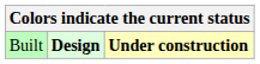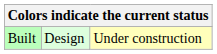 <table class="wikitable wide">
 <tr>
 <th colspan="6">Colors indicate the current status</th>
 </tr>
 <tr>
 <td bgcolor="#bbffbb">Built</td>
-<td bgcolor="#ddffdd"><strong>Design</strong></td>
-<td bgcolor="#ffffbb"><strong>Under construction</strong></td>
+<td bgcolor="#ddffdd">Design</td>
+<td bgcolor="#ffffbb">Under construction</td>
 </tr>
 </table>
